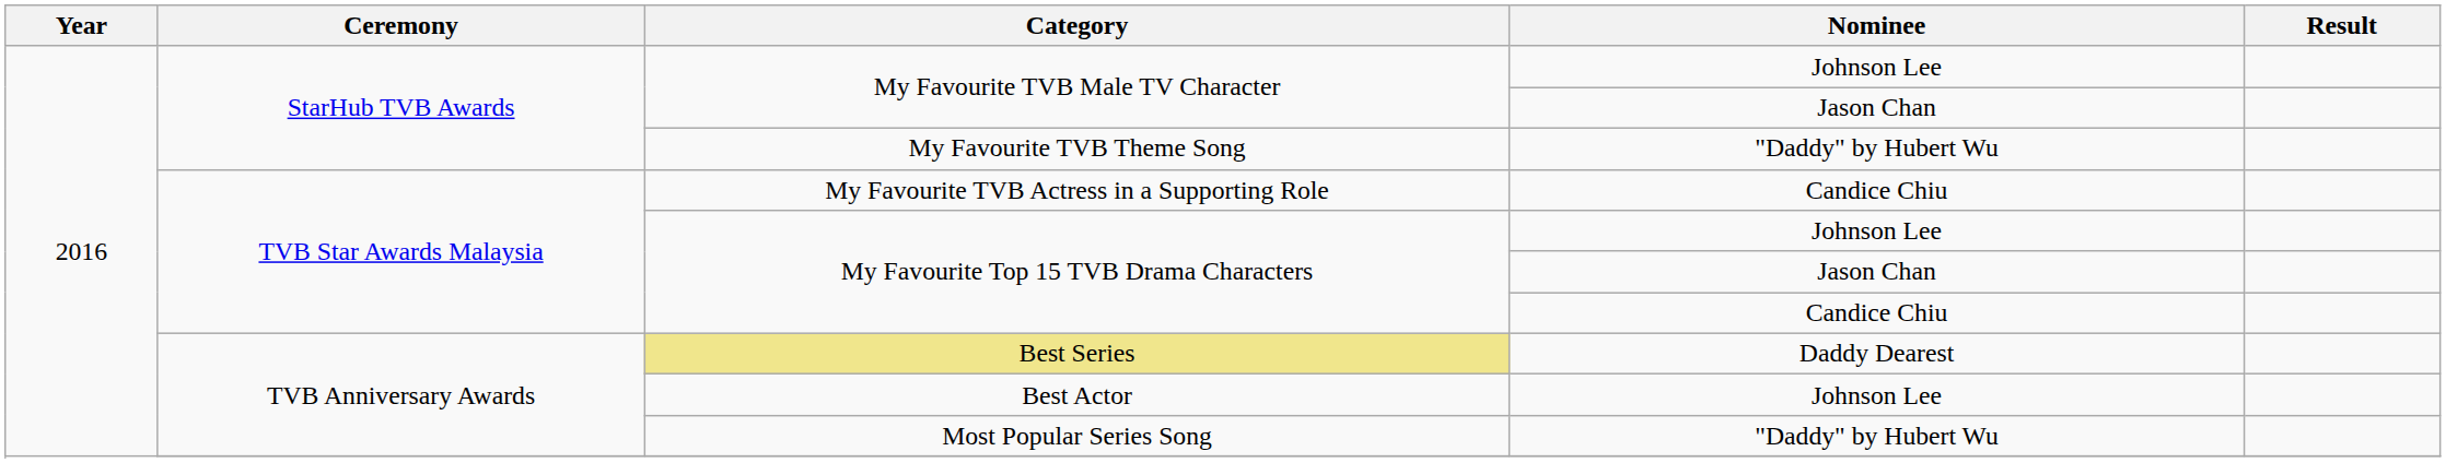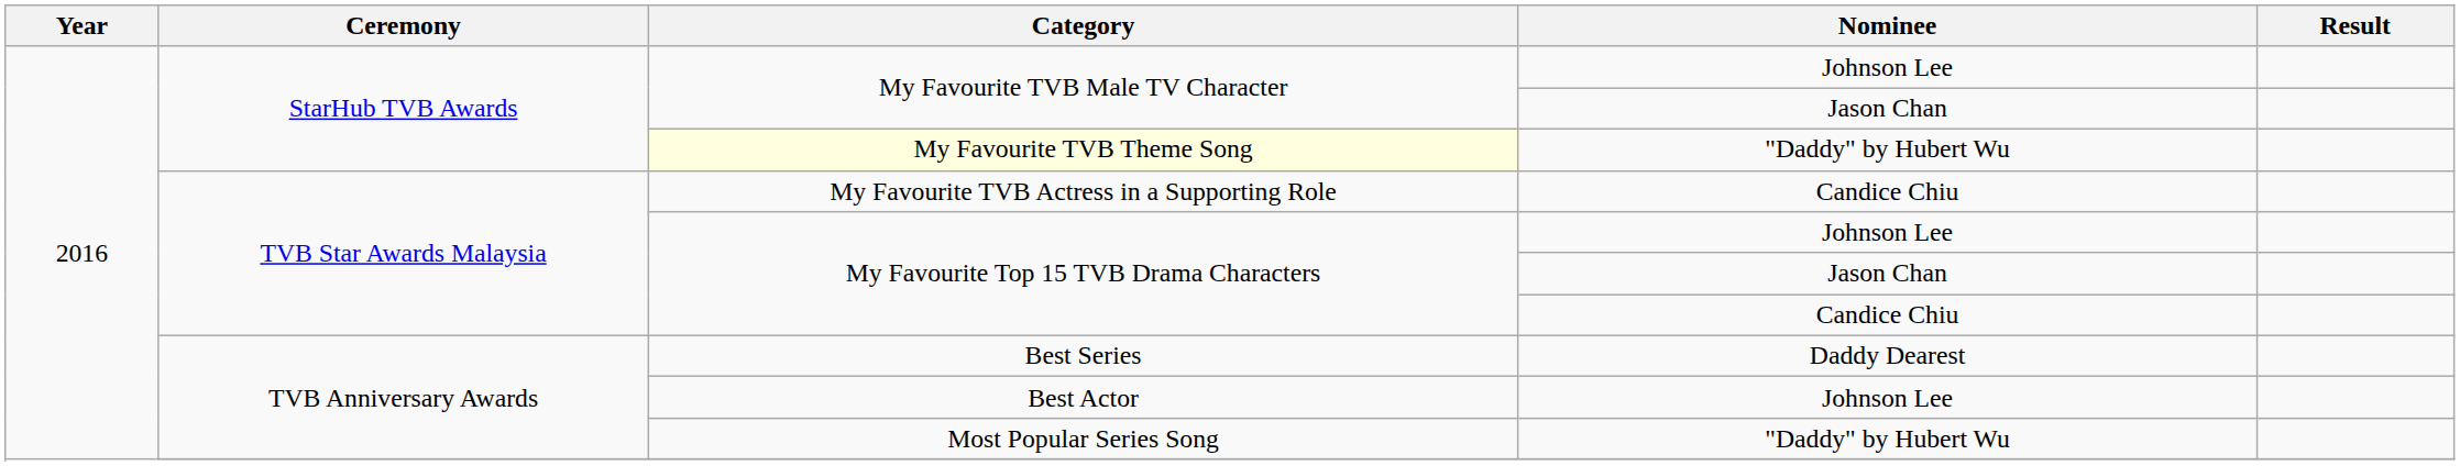 <table class="wikitable" style="width:95%;">
 <tr>
 <th style="width:45px;">Year</th>
 <th style="width:160px;">Ceremony</th>
 <th style="width:290px;">Category</th>
 <th style="width:245px;">Nominee</th>
 <th style="width:60px;">Result</th>
 </tr>
 <tr>
 <td align="center" rowspan=31>2016</td>
 <td align="center" rowspan=3><a href='#'>StarHub TVB Awards</a></td>
 <td rowspan=2 align="center">My Favourite TVB Male TV Character</td>
 <td align="center">Johnson Lee</td>
 <td></td>
 </tr>
 <tr>
 <td align="center">Jason Chan</td>
 <td></td>
 </tr>
 <tr>
-<td align="center">My Favourite TVB Theme Song</td>
+<td align="center" style="background: lightyellow;">My Favourite TVB Theme Song</td>
 <td align="center">"Daddy" by Hubert Wu</td>
 <td></td>
 </tr>
 <tr>
 <td align="center" rowspan=4><a href='#'>TVB Star Awards Malaysia</a></td>
 <td align="center">My Favourite TVB Actress in a Supporting Role</td>
 <td align="center">Candice Chiu</td>
 <td></td>
 </tr>
 <tr>
 <td rowspan=3 align="center">My Favourite Top 15 TVB Drama Characters</td>
 <td align="center">Johnson Lee</td>
 <td></td>
 </tr>
 <tr>
 <td align="center">Jason Chan</td>
 <td></td>
 </tr>
 <tr>
 <td align="center">Candice Chiu</td>
 <td></td>
 </tr>
 <tr>
 <td align="center" rowspan=3>TVB Anniversary Awards</td>
-<td align="center" style="background: khaki;">Best Series</td>
+<td align="center">Best Series</td>
 <td align="center">Daddy Dearest</td>
 <td></td>
 </tr>
 <tr>
 <td align="center">Best Actor</td>
 <td align="center">Johnson Lee</td>
 <td></td>
 </tr>
 <tr>
 <td align="center">Most Popular Series Song</td>
 <td align="center">"Daddy" by Hubert Wu</td>
 <td></td>
 </tr>
 <tr>
 </tr>
 </table>
